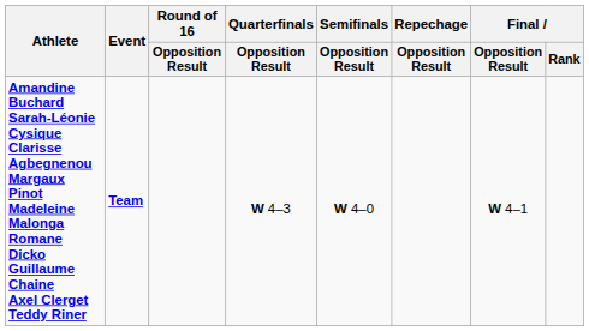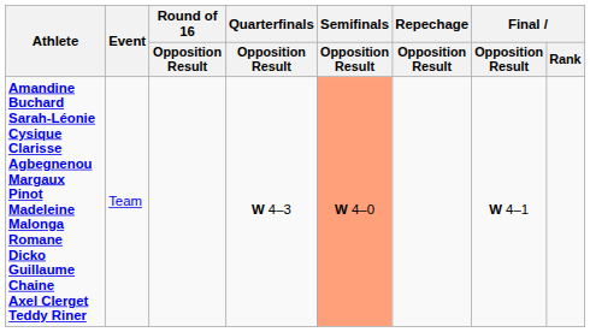 <table class="wikitable" style="font-size:90%">
 <tr>
 <th rowspan="2">Athlete</th>
 <th rowspan="2">Event</th>
 <th>Round of 16</th>
 <th>Quarterfinals</th>
 <th>Semifinals</th>
 <th>Repechage</th>
 <th colspan=2>Final / </th>
 </tr>
 <tr style="font-size:95%">
 <th>Opposition<br>Result</th>
 <th>Opposition<br>Result</th>
 <th>Opposition<br>Result</th>
 <th>Opposition<br>Result</th>
 <th>Opposition<br>Result</th>
 <th>Rank</th>
 </tr>
 <tr align=center>
 <td align=left><strong><a href='#'>Amandine Buchard</a><br><a href='#'>Sarah-Léonie Cysique</a><br><a href='#'>Clarisse Agbegnenou</a><br><a href='#'>Margaux Pinot</a><br><a href='#'>Madeleine Malonga</a><br><a href='#'>Romane Dicko</a><br><a href='#'>Guillaume Chaine</a><br><a href='#'>Axel Clerget</a><br><a href='#'>Teddy Riner</a></strong></td>
-<td align=left><strong><a href='#'>Team</a></strong></td>
+<td align=left><a href='#'>Team</a></td>
 <td></td>
 <td><br><strong>W</strong> 4–3</td>
-<td><br><strong>W</strong> 4–0</td>
+<td style="background: lightsalmon;"><br><strong>W</strong> 4–0</td>
 <td></td>
 <td><br><strong>W</strong> 4–1</td>
 <td></td>
 </tr>
 </table>
